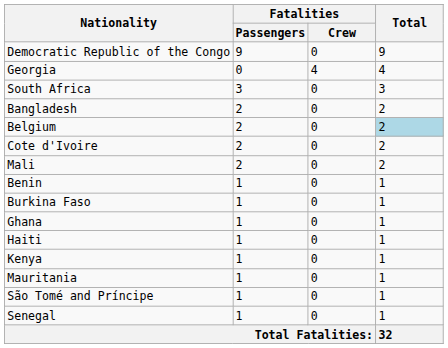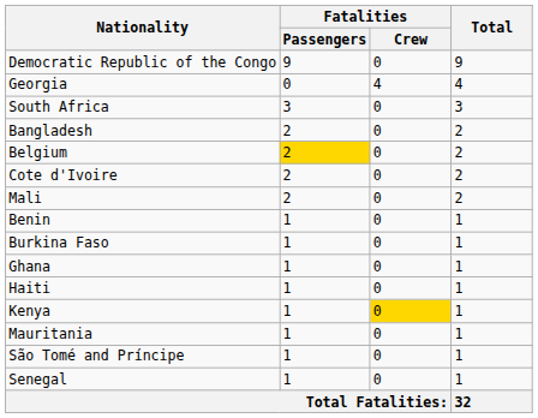 <table class="wikitable">
 <tr>
 <th rowspan=2>Nationality</th>
 <th colspan=2>Fatalities</th>
 <th rowspan="2" style="width:70px;">Total</th>
 </tr>
 <tr>
 <th style="width:70px;">Passengers</th>
 <th style="width:70px;">Crew</th>
 </tr>
 <tr>
 <td>Democratic Republic of the Congo</td>
 <td>9</td>
 <td>0</td>
 <td>9</td>
 </tr>
 <tr>
 <td>Georgia</td>
 <td>0</td>
 <td>4</td>
 <td>4</td>
 </tr>
 <tr>
 <td>South Africa</td>
 <td>3</td>
 <td>0</td>
 <td>3</td>
 </tr>
 <tr>
 <td>Bangladesh</td>
 <td>2</td>
 <td>0</td>
 <td>2</td>
 </tr>
 <tr>
 <td>Belgium</td>
+<td style="background: gold;">2</td>
+<td>0</td>
 <td>2</td>
-<td>0</td>
-<td style="background: lightblue;">2</td>
 </tr>
 <tr>
 <td>Cote d'Ivoire</td>
 <td>2</td>
 <td>0</td>
 <td>2</td>
 </tr>
 <tr>
 <td>Mali</td>
 <td>2</td>
 <td>0</td>
 <td>2</td>
 </tr>
 <tr>
 <td>Benin</td>
 <td>1</td>
 <td>0</td>
 <td>1</td>
 </tr>
 <tr>
 <td>Burkina Faso</td>
 <td>1</td>
 <td>0</td>
 <td>1</td>
 </tr>
 <tr>
 <td>Ghana</td>
 <td>1</td>
 <td>0</td>
 <td>1</td>
 </tr>
 <tr>
 <td>Haiti</td>
 <td>1</td>
 <td>0</td>
 <td>1</td>
 </tr>
 <tr>
 <td>Kenya</td>
 <td>1</td>
-<td>0</td>
+<td style="background: gold;">0</td>
 <td>1</td>
 </tr>
 <tr>
 <td>Mauritania</td>
 <td>1</td>
 <td>0</td>
 <td>1</td>
 </tr>
 <tr>
 <td>São Tomé and Príncipe</td>
 <td>1</td>
 <td>0</td>
 <td>1</td>
 </tr>
 <tr>
 <td>Senegal</td>
 <td>1</td>
 <td>0</td>
 <td>1</td>
 </tr>
 <tr>
 <th colspan=3 style="text-align:right">Total Fatalities:</th>
 <th style="text-align:left">32</th>
 </tr>
 </table>
